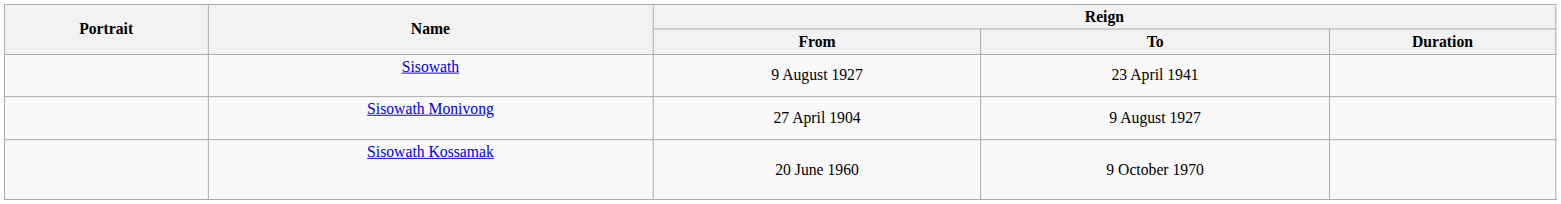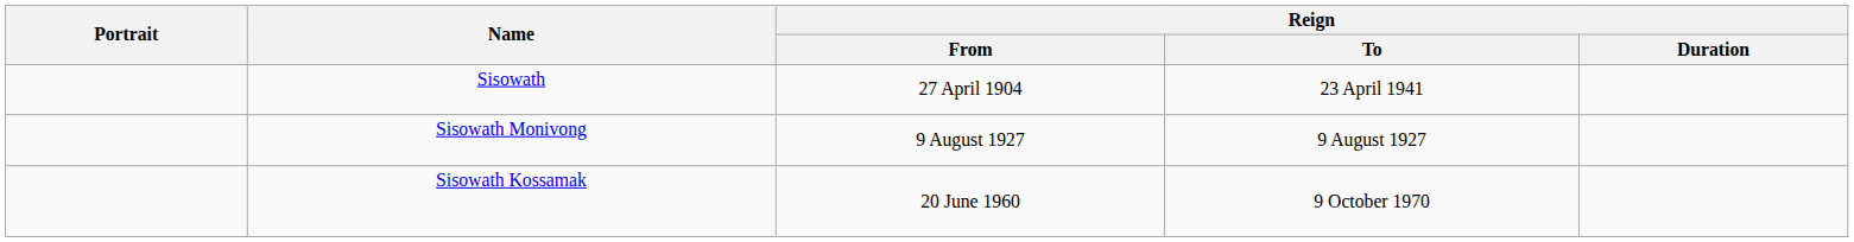 <table class="wikitable sortable" style="text-align:center; font-size:100%; width:100%">
 <tr>
 <th rowspan="2">Portrait</th>
 <th rowspan="2">Name</th>
 <th colspan="3">Reign</th>
 </tr>
 <tr>
 <th>From</th>
 <th>To</th>
 <th>Duration</th>
 </tr>
 <tr>
 <td></td>
 <td><a href='#'>Sisowath</a><br><br></td>
-<td>9 August 1927</td>
+<td>27 April 1904</td>
 <td>23 April 1941</td>
 <td></td>
 </tr>
 <tr>
 <td></td>
 <td><a href='#'>Sisowath Monivong</a><br><br></td>
-<td>27 April 1904</td>
+<td>9 August 1927</td>
 <td>9 August 1927</td>
 <td></td>
 </tr>
 <tr>
 <td></td>
 <td><a href='#'>Sisowath Kossamak</a><br><br><br></td>
 <td>20 June 1960</td>
 <td>9 October 1970</td>
 <td></td>
 </tr>
 <tr>
 </tr>
 </table>
